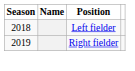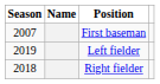 <table class="wikitable sortable plainrowheaders" style="text-align:center">
 <tr>
 <th scope="col" style="background-color:#ffffff; border-top:#">Season</th>
 <th scope="col" style="background-color:#ffffff; border-top:#">Name</th>
 <th scope="col" style="background-color:#ffffff; border-top:#">Position</th>
 <th scope="col" class="unsortable" style="background-color:#ffffff; border-top:#"></th>
 </tr>
 <tr>
-<td>2018</td>
+<td>2007</td>
+<th scope="row" style="text-align:center"></th>
+<td><a href='#'>First baseman</a></td>
+<td></td>
+</tr>
+<tr>
+<td>2019</td>
 <th scope="row" style="text-align:center"> </th>
 <td><a href='#'>Left fielder</a></td>
 <td></td>
 </tr>
 <tr>
-<td>2019</td>
+<td>2018</td>
 <th scope="row" style="text-align:center"> </th>
 <td><a href='#'>Right fielder</a></td>
 <td></td>
 </tr>
 </table>
